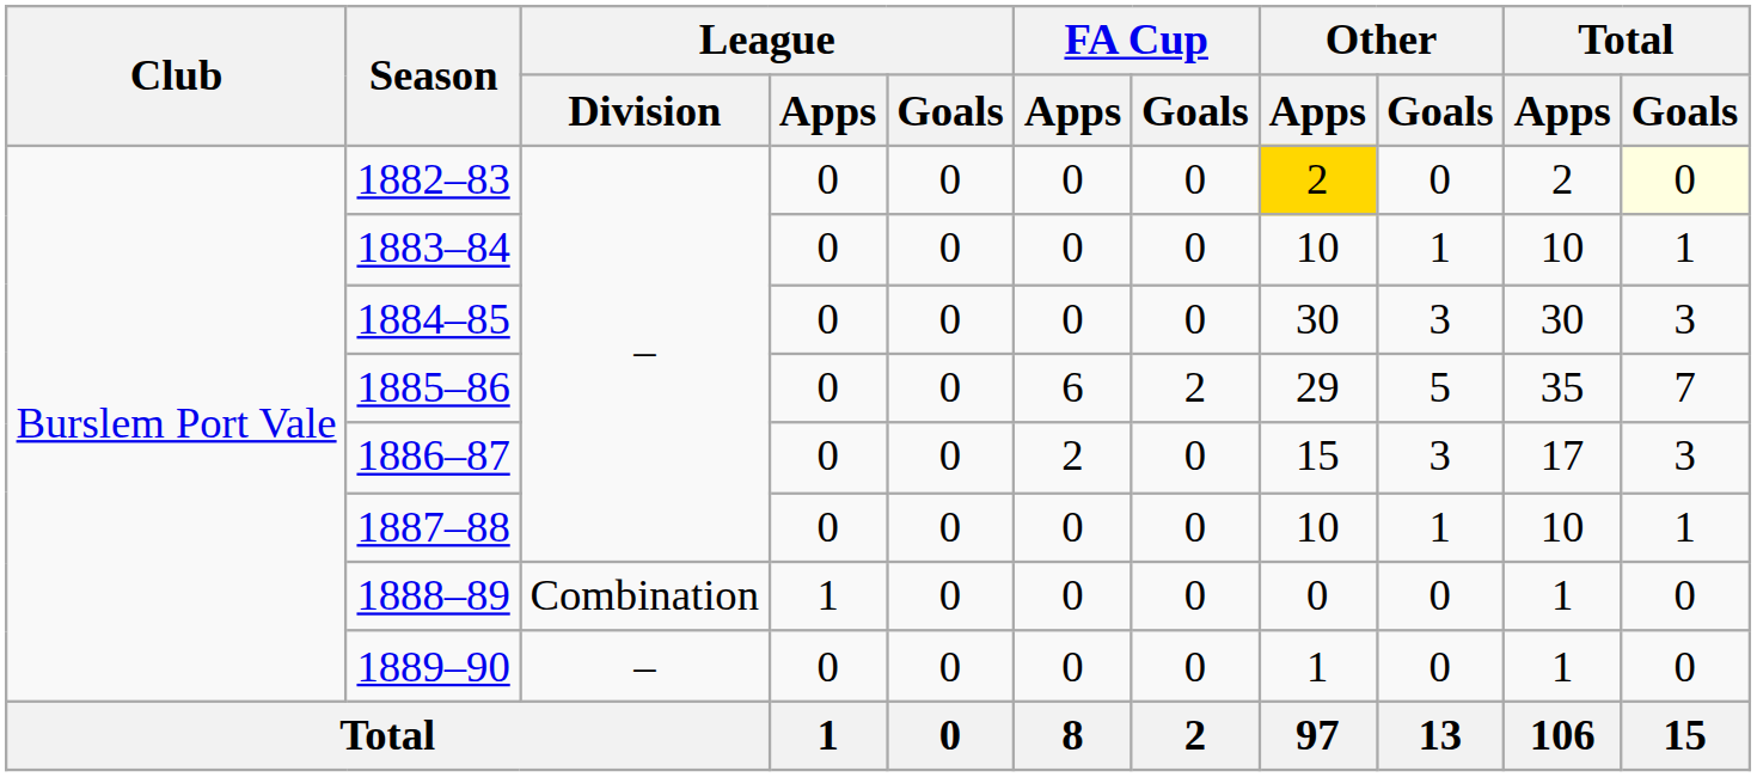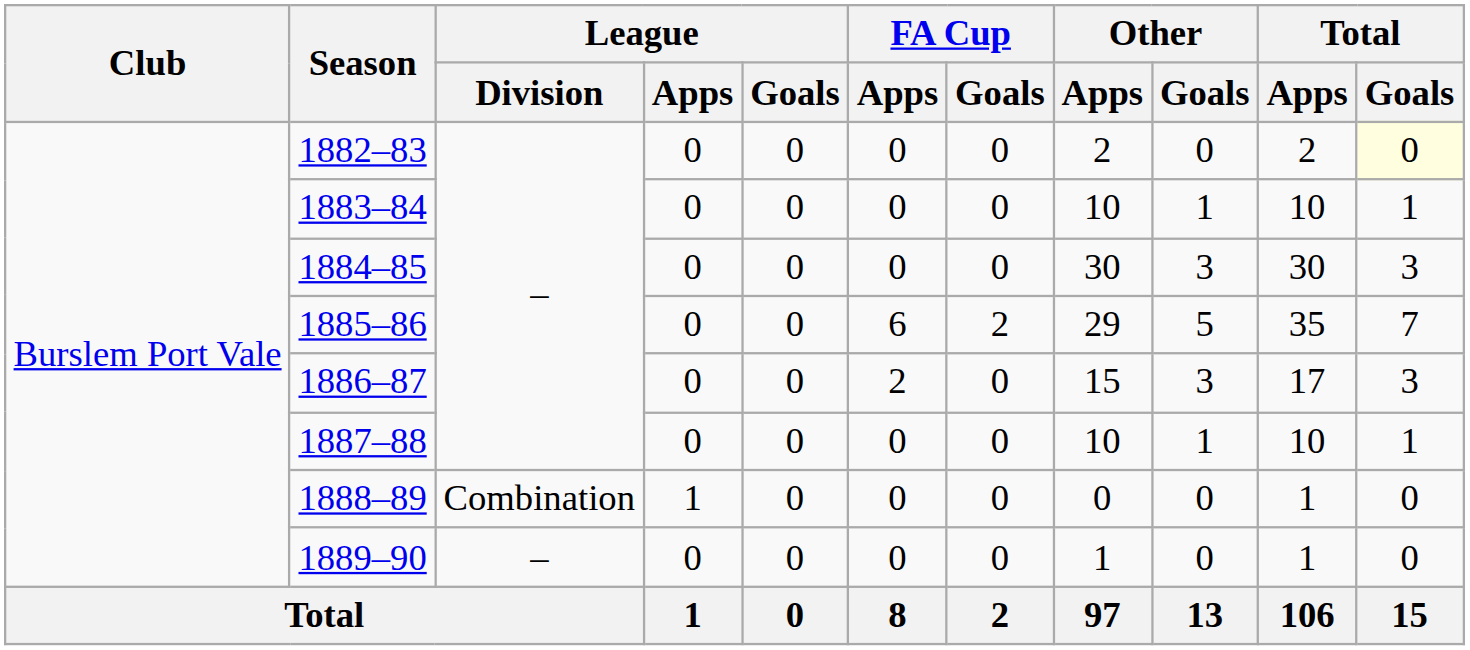 <table class="wikitable" style="text-align:center">
 <tr>
 <th rowspan="2">Club</th>
 <th rowspan="2">Season</th>
 <th colspan="3">League</th>
 <th colspan="2"><a href='#'>FA Cup</a></th>
 <th colspan="2">Other</th>
 <th colspan="2">Total</th>
 </tr>
 <tr>
 <th>Division</th>
 <th>Apps</th>
 <th>Goals</th>
 <th>Apps</th>
 <th>Goals</th>
 <th>Apps</th>
 <th>Goals</th>
 <th>Apps</th>
 <th>Goals</th>
 </tr>
 <tr>
 <td rowspan="8"><a href='#'>Burslem Port Vale</a></td>
 <td><a href='#'>1882–83</a></td>
 <td rowspan="6">–</td>
 <td>0</td>
 <td>0</td>
 <td>0</td>
 <td>0</td>
-<td style="background: gold;">2</td>
+<td>2</td>
 <td>0</td>
 <td>2</td>
 <td style="background: lightyellow;">0</td>
 </tr>
 <tr>
 <td><a href='#'>1883–84</a></td>
 <td>0</td>
 <td>0</td>
 <td>0</td>
 <td>0</td>
 <td>10</td>
 <td>1</td>
 <td>10</td>
 <td>1</td>
 </tr>
 <tr>
 <td><a href='#'>1884–85</a></td>
 <td>0</td>
 <td>0</td>
 <td>0</td>
 <td>0</td>
 <td>30</td>
 <td>3</td>
 <td>30</td>
 <td>3</td>
 </tr>
 <tr>
 <td><a href='#'>1885–86</a></td>
 <td>0</td>
 <td>0</td>
 <td>6</td>
 <td>2</td>
 <td>29</td>
 <td>5</td>
 <td>35</td>
 <td>7</td>
 </tr>
 <tr>
 <td><a href='#'>1886–87</a></td>
 <td>0</td>
 <td>0</td>
 <td>2</td>
 <td>0</td>
 <td>15</td>
 <td>3</td>
 <td>17</td>
 <td>3</td>
 </tr>
 <tr>
 <td><a href='#'>1887–88</a></td>
 <td>0</td>
 <td>0</td>
 <td>0</td>
 <td>0</td>
 <td>10</td>
 <td>1</td>
 <td>10</td>
 <td>1</td>
 </tr>
 <tr>
 <td><a href='#'>1888–89</a></td>
 <td>Combination</td>
 <td>1</td>
 <td>0</td>
 <td>0</td>
 <td>0</td>
 <td>0</td>
 <td>0</td>
 <td>1</td>
 <td>0</td>
 </tr>
 <tr>
 <td><a href='#'>1889–90</a></td>
 <td>–</td>
 <td>0</td>
 <td>0</td>
 <td>0</td>
 <td>0</td>
 <td>1</td>
 <td>0</td>
 <td>1</td>
 <td>0</td>
 </tr>
 <tr>
 <th colspan="3">Total</th>
 <th>1</th>
 <th>0</th>
 <th>8</th>
 <th>2</th>
 <th>97</th>
 <th>13</th>
 <th>106</th>
 <th>15</th>
 </tr>
 </table>
